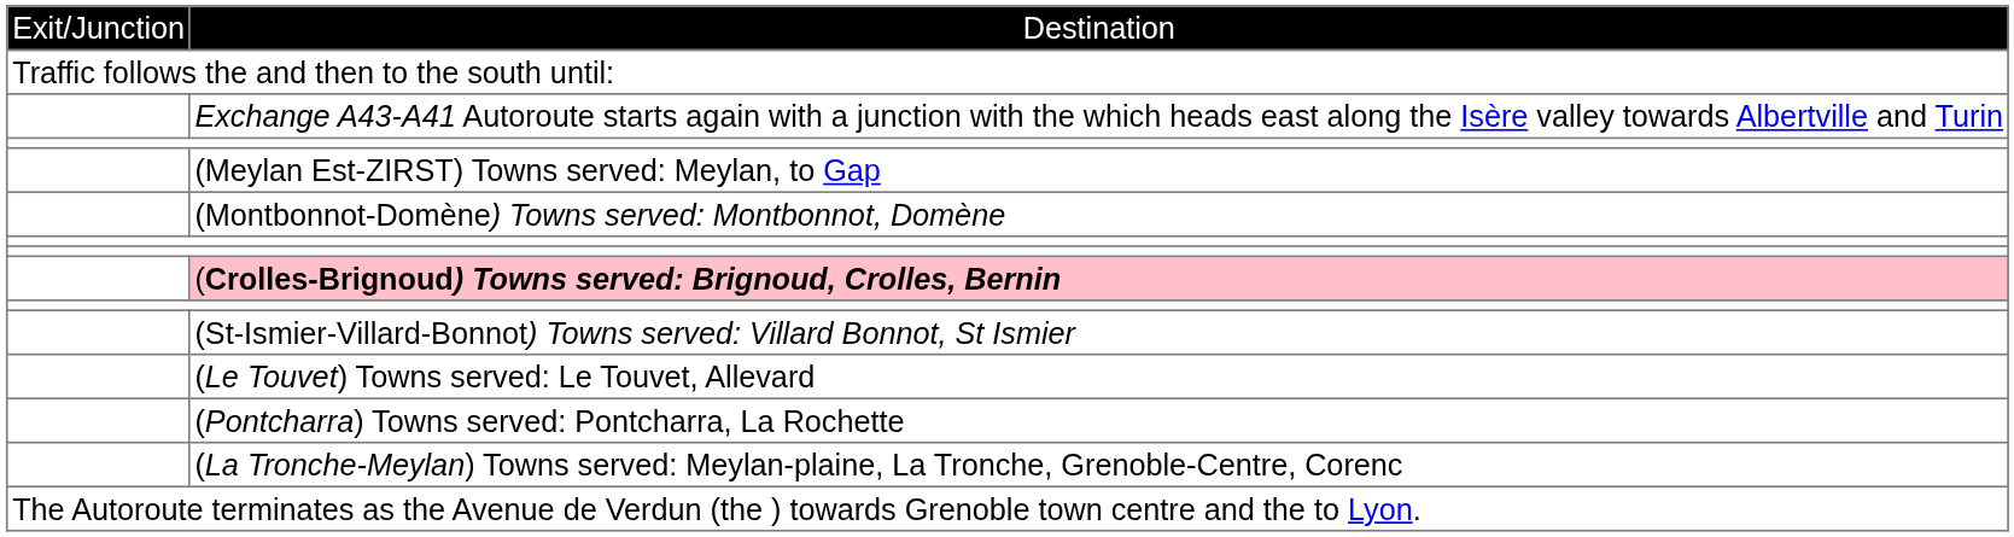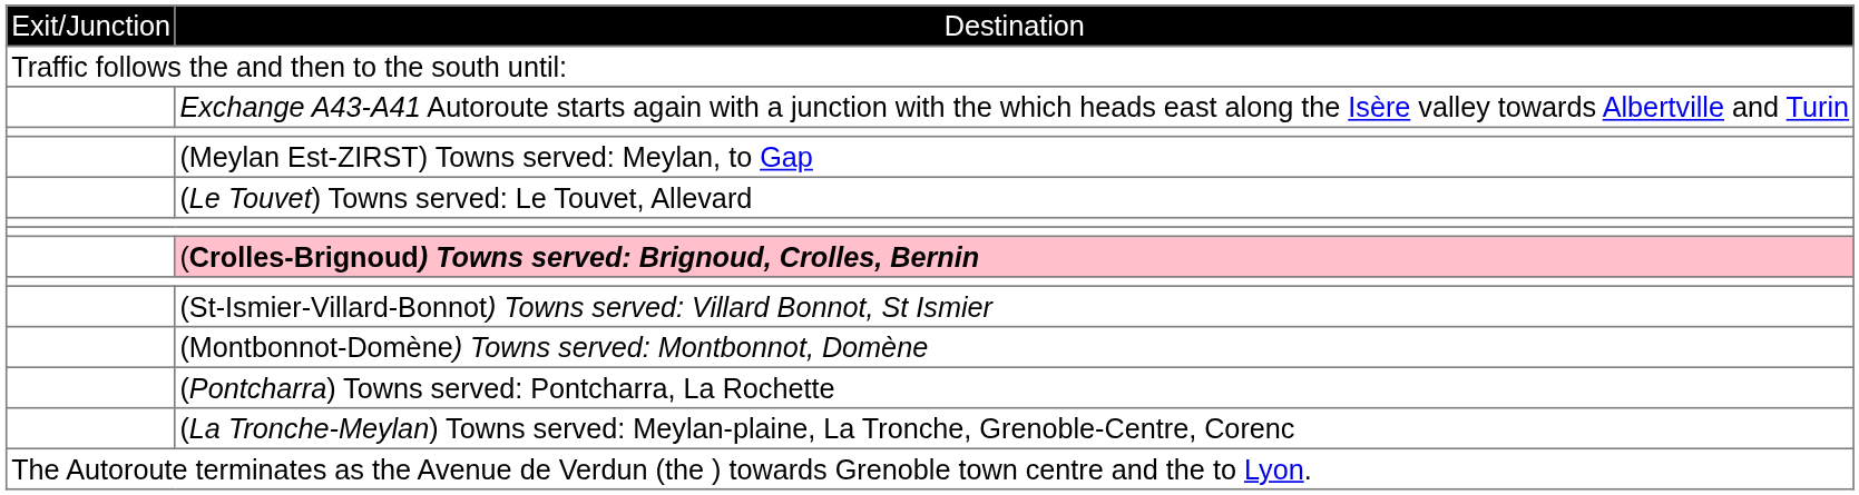 <table border=1 cellpadding=2 style="margin-left:1em; margin-bottom: 1em; color: black; border-collapse: collapse; font-size: 95%;">
 <tr align="center" bgcolor="000000" style="color: white">
 <td>Exit/Junction</td>
 <td>Destination</td>
 </tr>
 <tr>
 <td colspan="2">Traffic follows the <em></em> and then <em></em> to the south until:</td>
 </tr>
 <tr>
 <td></td>
 <td><em>Exchange A43-A41</em> Autoroute starts again with a junction with the <em></em> which heads east along the <a href='#'>Isère</a> valley towards <a href='#'>Albertville</a> and <a href='#'>Turin</a></td>
 </tr>
 <tr>
 <td colspan="2"></td>
 </tr>
 <tr>
 <td></td>
 <td>(</strong>Meylan Est-ZIRST</em>) Towns served: Meylan, <em></em> to <a href='#'>Gap</a></td>
 </tr>
 <tr>
 <td></td>
-<td>(</em>Montbonnot-Domène<em>) Towns served: Montbonnot, Domène</td>
+<td>(<em>Le Touvet</em>) Towns served:  Le Touvet, Allevard</td>
 </tr>
 <tr>
 <td colspan="2"></td>
 </tr>
 <tr>
 <td colspan="2"></td>
 </tr>
 <tr>
 <td></td>
 <td style="background: pink;">(<strong>Crolles-Brignoud<em>) Towns served: Brignoud, Crolles, Bernin</td>
 </tr>
 <tr>
 <td colspan="2"></td>
 </tr>
 <tr>
 <td></td>
 <td>(</em>St-Ismier-Villard-Bonnot<em>) Towns served: Villard Bonnot, St Ismier</td>
 </tr>
 <tr>
 <td></td>
-<td>(<em>Le Touvet</em>) Towns served:  Le Touvet, Allevard</td>
+<td>(</em>Montbonnot-Domène<em>) Towns served: Montbonnot, Domène</td>
 </tr>
 <tr>
 <td></td>
 <td>(<em>Pontcharra</em>) Towns served: Pontcharra, La Rochette</td>
 </tr>
 <tr>
 <td></td>
 <td>(<em>La Tronche-Meylan</em>) Towns served: Meylan-plaine, La Tronche, Grenoble-Centre, Corenc</td>
 </tr>
 <tr>
 <td colspan="2">The Autoroute terminates as the Avenue de Verdun (the <em></em>) towards Grenoble town centre and the <em></em> to <a href='#'>Lyon</a>.</td>
 </tr>
 </table>
